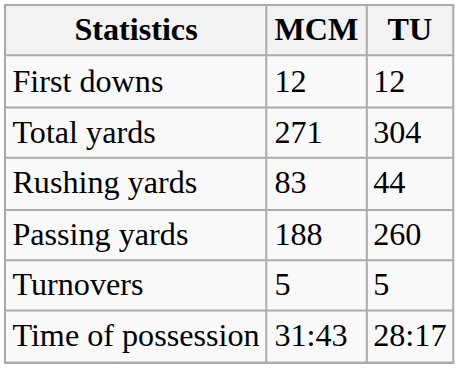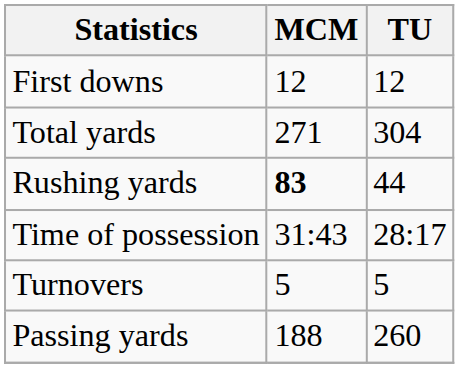 <table class="wikitable">
 <tr>
 <th>Statistics</th>
 <th>MCM</th>
 <th>TU</th>
 </tr>
 <tr>
 <td>First downs</td>
 <td>12</td>
 <td>12</td>
 </tr>
 <tr>
 <td>Total yards</td>
 <td>271</td>
 <td>304</td>
 </tr>
 <tr>
 <td>Rushing yards</td>
-<td>83</td>
+<td><strong>83</strong></td>
 <td>44</td>
+</tr>
+<tr>
+<td>Time of possession</td>
+<td>31:43</td>
+<td>28:17</td>
+</tr>
+<tr>
+<td>Turnovers</td>
+<td>5</td>
+<td>5</td>
 </tr>
 <tr>
 <td>Passing yards</td>
 <td>188</td>
 <td>260</td>
 </tr>
 <tr>
-<td>Turnovers</td>
-<td>5</td>
-<td>5</td>
-</tr>
-<tr>
-<td>Time of possession</td>
-<td>31:43</td>
-<td>28:17</td>
-</tr>
-<tr>
 </tr>
 </table>
